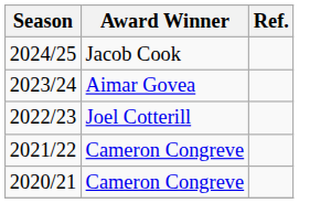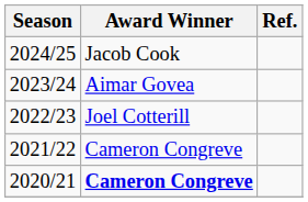 <table class="wikitable">
 <tr>
 <th>Season</th>
 <th>Award Winner</th>
 <th>Ref.</th>
 </tr>
 <tr>
 <td>2024/25</td>
 <td>Jacob Cook</td>
 <td></td>
 </tr>
 <tr>
 <td>2023/24</td>
 <td><a href='#'>Aimar Govea</a></td>
 <td></td>
 </tr>
 <tr>
 <td>2022/23</td>
 <td><a href='#'>Joel Cotterill</a></td>
 <td></td>
 </tr>
 <tr>
 <td>2021/22</td>
 <td><a href='#'>Cameron Congreve</a></td>
 <td></td>
 </tr>
 <tr>
 <td>2020/21</td>
-<td><a href='#'>Cameron Congreve</a></td>
+<td><strong><a href='#'>Cameron Congreve</a></strong></td>
 <td></td>
 </tr>
 <tr>
 </tr>
 </table>
